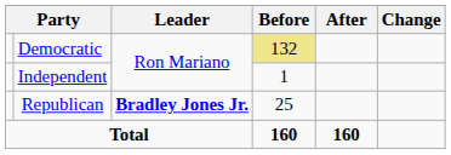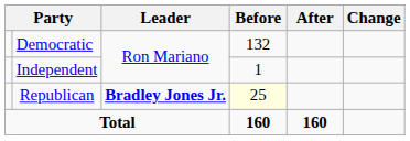 <table class="wikitable" style="text-align:center;">
 <tr>
 </tr>
 <tr>
 <th colspan="2">Party</th>
 <th>Leader</th>
 <th style="width:3em">Before</th>
 <th style="width:3em">After</th>
 <th style="width:3em">Change</th>
 </tr>
 <tr>
 <td style="background-color:"></td>
 <td style="text-align:left;"><a href='#'>Democratic</a></td>
 <td rowspan="2"><a href='#'>Ron Mariano</a></td>
-<td style="background: khaki;">132</td>
+<td>132</td>
 <td></td>
 <td></td>
 </tr>
 <tr>
 <td style="background-color:"></td>
 <td style="text-align:left;"><a href='#'>Independent</a></td>
 <td>1</td>
 <td></td>
 <td></td>
 </tr>
 <tr>
 <td style="background-color:"></td>
 <td><a href='#'>Republican</a></td>
 <td><strong><a href='#'>Bradley Jones Jr.</a></strong></td>
-<td>25</td>
+<td style="background: lightyellow;">25</td>
 <td></td>
 <td></td>
 </tr>
 <tr>
 <td colspan="3"><strong>Total</strong></td>
 <td><strong>160</strong></td>
 <td><strong>160</strong></td>
 <td></td>
 </tr>
 </table>
